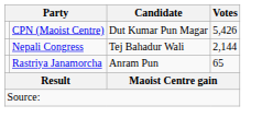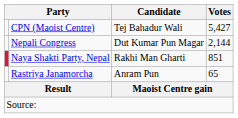 <table class="wikitable">
 <tr>
 <th colspan="2">Party</th>
 <th>Candidate</th>
 <th>Votes</th>
 </tr>
 <tr>
 <td style="background-color:"></td>
 <td><a href='#'>CPN (Maoist Centre)</a></td>
-<td>Dut Kumar Pun Magar</td>
-<td>5,426</td>
+<td>Tej Bahadur Wali</td>
+<td>5,427</td>
 </tr>
 <tr>
 <td style="background-color:"></td>
 <td><a href='#'>Nepali Congress</a></td>
-<td>Tej Bahadur Wali</td>
+<td>Dut Kumar Pun Magar</td>
 <td>2,144</td>
+</tr>
+<tr>
+<td style="background-color:crimson"></td>
+<td><a href='#'>Naya Shakti Party, Nepal</a></td>
+<td>Rakhi Man Gharti</td>
+<td>851</td>
 </tr>
 <tr>
 <td style="background-color:"></td>
 <td><a href='#'>Rastriya Janamorcha</a></td>
 <td>Anram Pun</td>
 <td>65</td>
 </tr>
 <tr>
 <th colspan="2">Result</th>
 <th colspan="2">Maoist Centre gain</th>
 </tr>
 <tr>
 <td colspan="4">Source: </td>
 </tr>
 </table>
